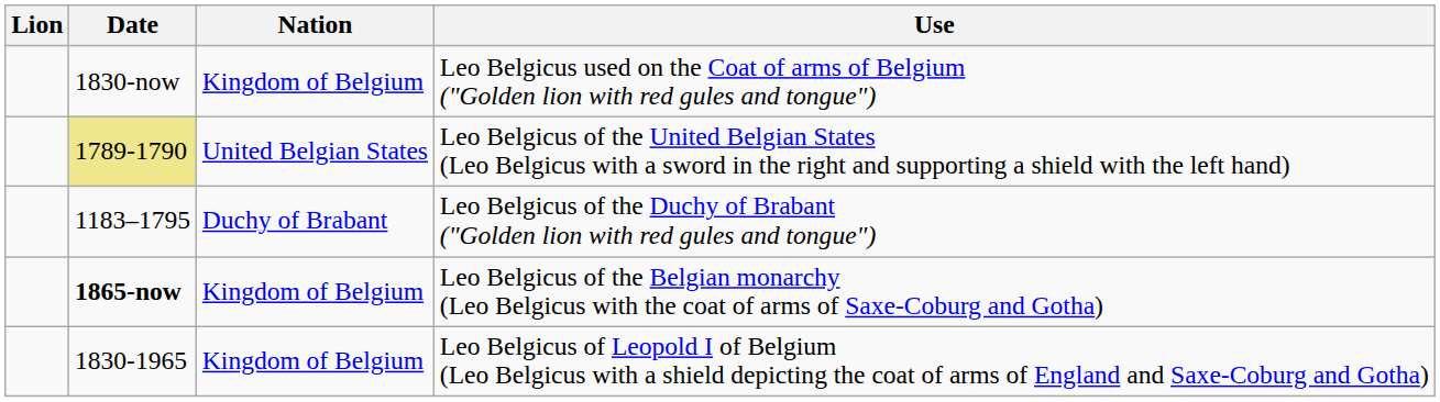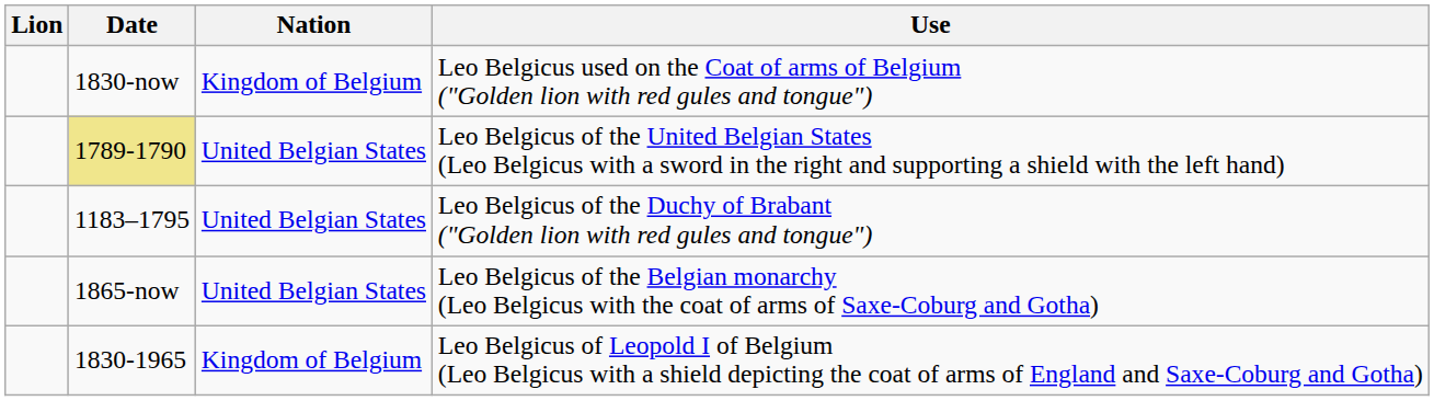 <table class="wikitable">
 <tr>
 <th>Lion</th>
 <th>Date</th>
 <th>Nation</th>
 <th>Use</th>
 </tr>
 <tr>
 <td></td>
 <td>1830-now</td>
 <td><a href='#'>Kingdom of Belgium</a></td>
 <td>Leo Belgicus used on the <a href='#'>Coat of arms of Belgium</a><br><em>("Golden lion with red gules and tongue")</em></td>
 </tr>
 <tr>
 <td></td>
 <td style="background: khaki;">1789-1790</td>
 <td><a href='#'>United Belgian States</a></td>
 <td>Leo Belgicus of the <a href='#'>United Belgian States</a><br>(Leo Belgicus with a sword in the right and supporting a shield with the left hand)</td>
 </tr>
 <tr>
 <td></td>
 <td>1183–1795</td>
-<td><a href='#'>Duchy of Brabant</a></td>
+<td><a href='#'>United Belgian States</a></td>
 <td>Leo Belgicus of the <a href='#'>Duchy of Brabant</a><br><em>("Golden lion with red gules and tongue")</em></td>
 </tr>
 <tr>
 <td></td>
-<td><strong>1865-now</strong></td>
-<td><a href='#'>Kingdom of Belgium</a></td>
+<td>1865-now</td>
+<td><a href='#'>United Belgian States</a></td>
 <td>Leo Belgicus of the <a href='#'>Belgian monarchy</a><br>(Leo Belgicus with the coat of arms of <a href='#'>Saxe-Coburg and Gotha</a>)</td>
 </tr>
 <tr>
 <td></td>
 <td>1830-1965</td>
 <td><a href='#'>Kingdom of Belgium</a></td>
 <td>Leo Belgicus of <a href='#'>Leopold I</a> of Belgium<br>(Leo Belgicus with a shield depicting the coat of arms of <a href='#'>England</a> and <a href='#'>Saxe-Coburg and Gotha</a>)</td>
 </tr>
 </table>
